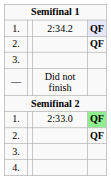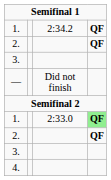 <table class=wikitable style="text-align:center">
 <tr>
 <td colspan=4><strong>Semifinal 1</strong></td>
 </tr>
 <tr>
 <td width=30>1.</td>
 <td align=left></td>
 <td width=80>2:34.2</td>
-<td style="background: lavender;"><strong>QF</strong></td>
+<td><strong>QF</strong></td>
 </tr>
 <tr>
 <td>2.</td>
 <td align=left></td>
 <td></td>
 <td><strong>QF</strong></td>
 </tr>
 <tr>
 <td>3.</td>
 <td align=left></td>
 <td></td>
 <td></td>
 </tr>
 <tr>
 <td>—</td>
 <td align=left></td>
 <td>Did not finish</td>
 <td></td>
 </tr>
 <tr>
 <td colspan=4><strong>Semifinal 2</strong></td>
 </tr>
 <tr>
 <td>1.</td>
 <td align=left></td>
 <td>2:33.0</td>
 <td style="background: lightgreen;"><strong>QF</strong></td>
 </tr>
 <tr>
 <td>2.</td>
 <td align=left></td>
 <td></td>
 <td><strong>QF</strong></td>
 </tr>
 <tr>
 <td>3.</td>
 <td align=left></td>
 <td></td>
 <td></td>
 </tr>
 <tr>
 <td>4.</td>
 <td></td>
 <td></td>
 <td></td>
 </tr>
 </table>
